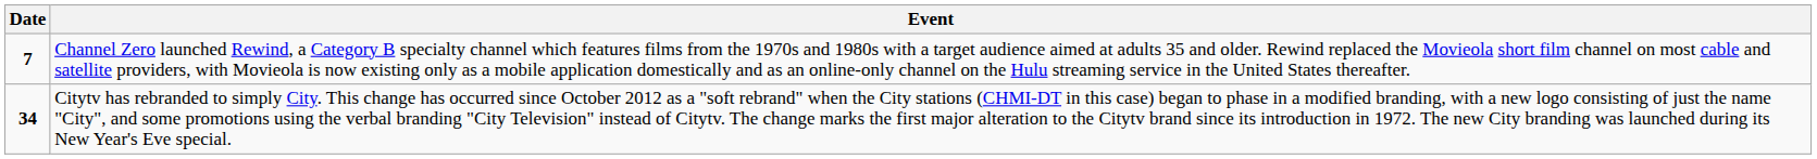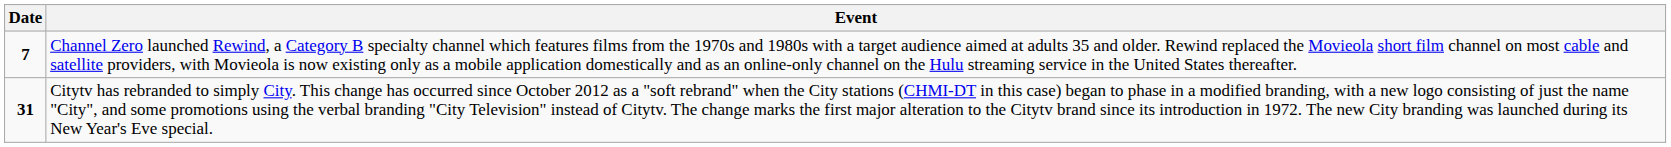 <table class="wikitable">
 <tr>
 <th>Date</th>
 <th>Event</th>
 </tr>
 <tr>
 <td style="text-align:center;"><strong>7</strong></td>
 <td><a href='#'>Channel Zero</a> launched <a href='#'>Rewind</a>, a <a href='#'>Category B</a> specialty channel which features films from the 1970s and 1980s with a target audience aimed at adults 35 and older. Rewind replaced the <a href='#'>Movieola</a> <a href='#'>short film</a> channel on most <a href='#'>cable</a> and <a href='#'>satellite</a> providers, with Movieola is now existing only as a mobile application domestically and as an online-only channel on the <a href='#'>Hulu</a> streaming service in the United States thereafter.</td>
 </tr>
 <tr>
-<td style="text-align:center;"><strong>34</strong></td>
+<td style="text-align:center;"><strong>31</strong></td>
 <td>Citytv has rebranded to simply <a href='#'>City</a>. This change has occurred since October 2012 as a "soft rebrand" when the City stations (<a href='#'>CHMI-DT</a> in this case) began to phase in a modified branding, with a new logo consisting of just the name "City", and some promotions using the verbal branding "City Television" instead of Citytv. The change marks the first major alteration to the Citytv brand since its introduction in 1972. The new City branding was launched during its New Year's Eve special.</td>
 </tr>
 </table>
